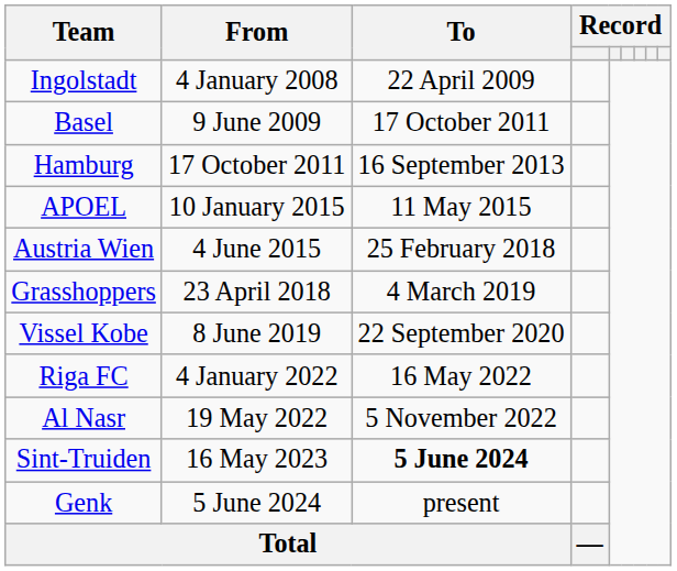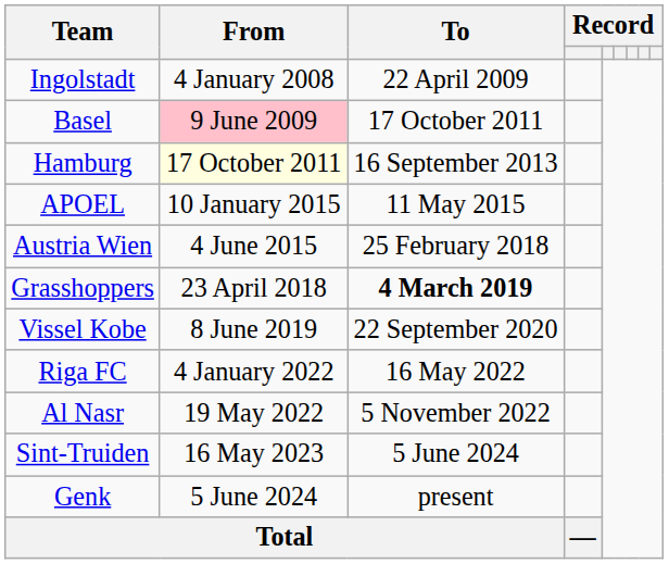 <table class="wikitable" style="text-align: center">
 <tr>
 <th rowspan="2">Team</th>
 <th rowspan="2">From</th>
 <th rowspan="2">To</th>
 <th colspan="6">Record</th>
 </tr>
 <tr>
 <th></th>
 <th></th>
 <th></th>
 <th></th>
 <th></th>
 <th></th>
 </tr>
 <tr>
 <td><a href='#'>Ingolstadt</a></td>
 <td>4 January 2008</td>
 <td>22 April 2009<br></td>
 <td></td>
 </tr>
 <tr>
 <td><a href='#'>Basel</a></td>
-<td>9 June 2009</td>
+<td style="background: pink;">9 June 2009</td>
 <td>17 October 2011<br></td>
 <td></td>
 </tr>
 <tr>
 <td><a href='#'>Hamburg</a></td>
-<td>17 October 2011</td>
+<td style="background: lightyellow;">17 October 2011</td>
 <td>16 September 2013<br></td>
 <td></td>
 </tr>
 <tr>
 <td><a href='#'>APOEL</a></td>
 <td>10 January 2015</td>
 <td>11 May 2015<br></td>
 <td></td>
 </tr>
 <tr>
 <td><a href='#'>Austria Wien</a></td>
 <td>4 June 2015</td>
 <td>25 February 2018<br></td>
 <td></td>
 </tr>
 <tr>
 <td><a href='#'>Grasshoppers</a></td>
 <td>23 April 2018</td>
-<td>4 March 2019<br></td>
+<td><strong>4 March 2019<br></strong></td>
 <td></td>
 </tr>
 <tr>
 <td><a href='#'>Vissel Kobe</a></td>
 <td>8 June 2019</td>
 <td>22 September 2020<br></td>
 <td></td>
 </tr>
 <tr>
 <td><a href='#'>Riga FC</a></td>
 <td>4 January 2022</td>
 <td>16 May 2022<br></td>
 <td></td>
 </tr>
 <tr>
 <td><a href='#'>Al Nasr</a></td>
 <td>19 May 2022</td>
 <td>5 November 2022<br></td>
 <td></td>
 </tr>
 <tr>
 <td><a href='#'>Sint-Truiden</a></td>
 <td>16 May 2023</td>
-<td><strong>5 June 2024<br></strong></td>
+<td>5 June 2024<br></td>
 <td></td>
 </tr>
 <tr>
 <td><a href='#'>Genk</a></td>
 <td>5 June 2024</td>
 <td>present<br></td>
 <td></td>
 </tr>
 <tr>
 <th colspan="3">Total<br></th>
 <th>—</th>
 </tr>
 </table>
